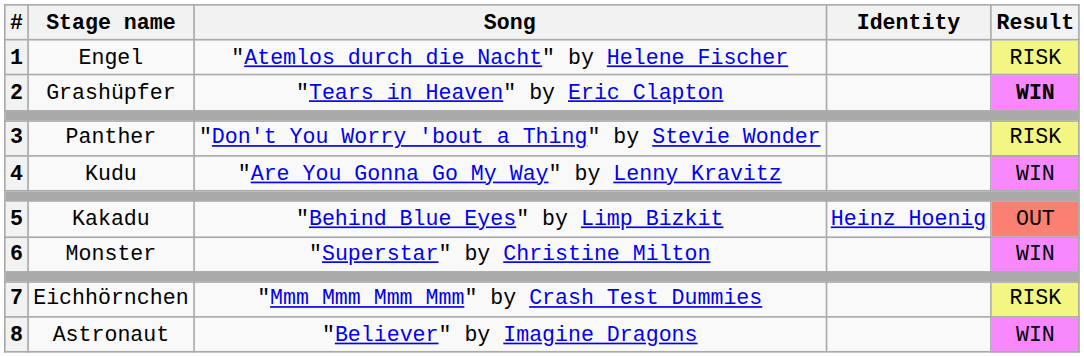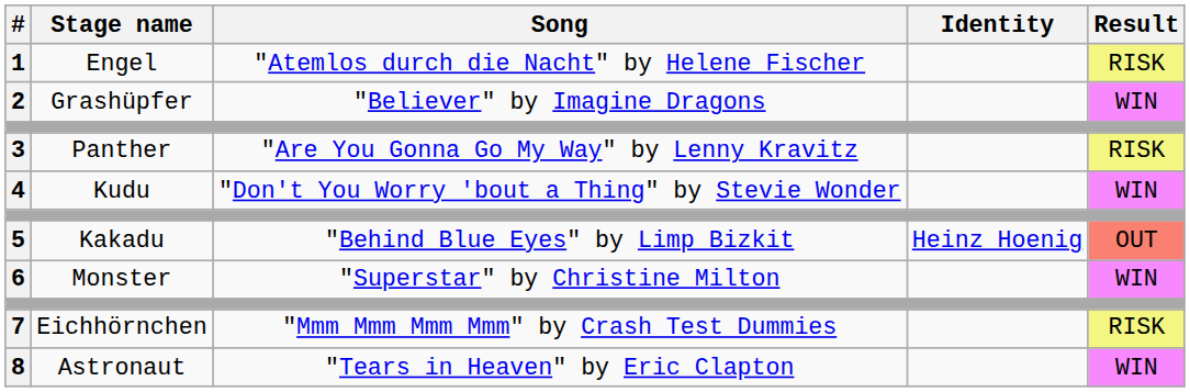 <table class="wikitable plainrowheaders" style="text-align: center;">
 <tr>
 <th>#</th>
 <th>Stage name</th>
 <th>Song</th>
 <th>Identity</th>
 <th>Result</th>
 </tr>
 <tr>
 <th>1</th>
 <td>Engel</td>
 <td>"<a href='#'>Atemlos durch die Nacht</a>" by <a href='#'>Helene Fischer</a></td>
 <td></td>
 <td bgcolor="#F3F781">RISK</td>
 </tr>
 <tr>
 <th>2</th>
 <td>Grashüpfer</td>
-<td>"<a href='#'>Tears in Heaven</a>" by <a href='#'>Eric Clapton</a></td>
+<td>"<a href='#'>Believer</a>" by <a href='#'>Imagine Dragons</a></td>
 <td></td>
-<td bgcolor=#F888FD><strong>WIN</strong></td>
+<td bgcolor=#F888FD>WIN</td>
 </tr>
 <tr>
 <td colspan="5" style="background:darkgray"></td>
 </tr>
 <tr>
 <th>3</th>
 <td>Panther</td>
-<td>"<a href='#'>Don't You Worry 'bout a Thing</a>" by <a href='#'>Stevie Wonder</a></td>
+<td>"<a href='#'>Are You Gonna Go My Way</a>" by <a href='#'>Lenny Kravitz</a></td>
 <td></td>
 <td bgcolor="#F3F781">RISK</td>
 </tr>
 <tr>
 <th>4</th>
 <td>Kudu</td>
-<td>"<a href='#'>Are You Gonna Go My Way</a>" by <a href='#'>Lenny Kravitz</a></td>
+<td>"<a href='#'>Don't You Worry 'bout a Thing</a>" by <a href='#'>Stevie Wonder</a></td>
 <td></td>
 <td bgcolor=#F888FD>WIN</td>
 </tr>
 <tr>
 <td colspan="5" style="background:darkgray"></td>
 </tr>
 <tr>
 <th>5</th>
 <td>Kakadu</td>
 <td>"<a href='#'>Behind Blue Eyes</a>" by <a href='#'>Limp Bizkit</a></td>
 <td><a href='#'>Heinz Hoenig</a></td>
 <td bgcolor=salmon>OUT</td>
 </tr>
 <tr>
 <th>6</th>
 <td>Monster</td>
 <td>"<a href='#'>Superstar</a>" by <a href='#'>Christine Milton</a></td>
 <td></td>
 <td bgcolor=#F888FD>WIN</td>
 </tr>
 <tr>
 <td colspan="5" style="background:darkgray"></td>
 </tr>
 <tr>
 <th>7</th>
 <td>Eichhörnchen</td>
 <td>"<a href='#'>Mmm Mmm Mmm Mmm</a>" by <a href='#'>Crash Test Dummies</a></td>
 <td></td>
 <td bgcolor="#F3F781">RISK</td>
 </tr>
 <tr>
 <th>8</th>
 <td>Astronaut</td>
-<td>"<a href='#'>Believer</a>" by <a href='#'>Imagine Dragons</a></td>
+<td>"<a href='#'>Tears in Heaven</a>" by <a href='#'>Eric Clapton</a></td>
 <td></td>
 <td bgcolor=#F888FD>WIN</td>
 </tr>
 </table>
